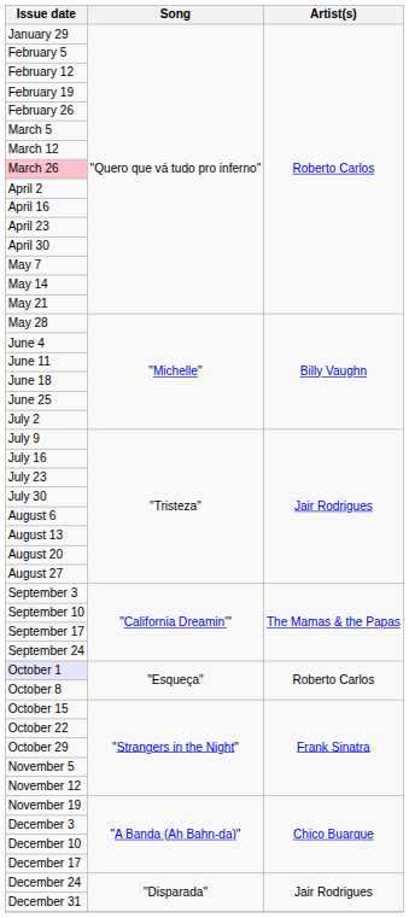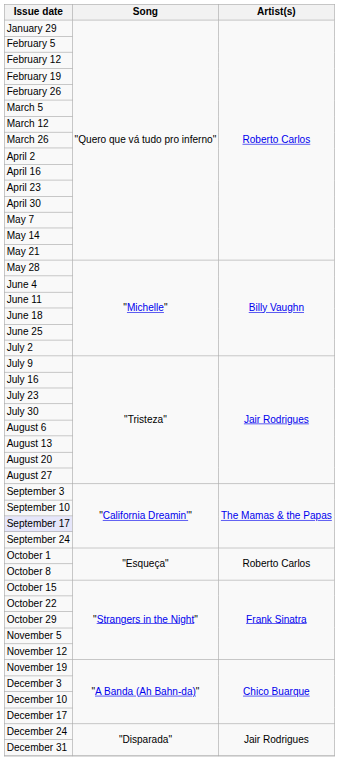 <table class="wikitable">
 <tr>
 <th>Issue date</th>
 <th>Song</th>
 <th>Artist(s)</th>
 </tr>
 <tr>
 <td>January 29</td>
 <td align="center" rowspan="15">"Quero que vá tudo pro inferno"</td>
 <td align="center" rowspan="15"><a href='#'>Roberto Carlos</a></td>
 </tr>
 <tr>
 <td>February 5</td>
 </tr>
 <tr>
 <td>February 12</td>
 </tr>
 <tr>
 <td>February 19</td>
 </tr>
 <tr>
 <td>February 26</td>
 </tr>
 <tr>
 <td>March 5</td>
 </tr>
 <tr>
 <td>March 12</td>
 </tr>
 <tr>
-<td style="background: pink;">March 26</td>
+<td>March 26</td>
 </tr>
 <tr>
 <td>April 2</td>
 </tr>
 <tr>
 <td>April 16</td>
 </tr>
 <tr>
 <td>April 23</td>
 </tr>
 <tr>
 <td>April 30</td>
 </tr>
 <tr>
 <td>May 7</td>
 </tr>
 <tr>
 <td>May 14</td>
 </tr>
 <tr>
 <td>May 21</td>
 </tr>
 <tr>
 <td>May 28</td>
 <td align="center" rowspan="6">"<a href='#'>Michelle</a>"</td>
 <td align="center" rowspan="6"><a href='#'>Billy Vaughn</a></td>
 </tr>
 <tr>
 <td>June 4</td>
 </tr>
 <tr>
 <td>June 11</td>
 </tr>
 <tr>
 <td>June 18</td>
 </tr>
 <tr>
 <td>June 25</td>
 </tr>
 <tr>
 <td>July 2</td>
 </tr>
 <tr>
 <td>July 9</td>
 <td align="center" rowspan="8">"Tristeza"</td>
 <td align="center" rowspan="8"><a href='#'>Jair Rodrigues</a></td>
 </tr>
 <tr>
 <td>July 16</td>
 </tr>
 <tr>
 <td>July 23</td>
 </tr>
 <tr>
 <td>July 30</td>
 </tr>
 <tr>
 <td>August 6</td>
 </tr>
 <tr>
 <td>August 13</td>
 </tr>
 <tr>
 <td>August 20</td>
 </tr>
 <tr>
 <td>August 27</td>
 </tr>
 <tr>
 <td>September 3</td>
 <td align="center" rowspan="4">"<a href='#'>California Dreamin'</a>"</td>
 <td align="center" rowspan="4"><a href='#'>The Mamas & the Papas</a></td>
 </tr>
 <tr>
 <td>September 10</td>
 </tr>
 <tr>
-<td>September 17</td>
+<td style="background: lavender;">September 17</td>
 </tr>
 <tr>
 <td>September 24</td>
 </tr>
 <tr>
-<td style="background: lavender;">October 1</td>
+<td>October 1</td>
 <td align="center" rowspan="2">"Esqueça"</td>
 <td align="center" rowspan="2">Roberto Carlos</td>
 </tr>
 <tr>
 <td>October 8</td>
 </tr>
 <tr>
 <td>October 15</td>
 <td align="center" rowspan="5">"<a href='#'>Strangers in the Night</a>"</td>
 <td align="center" rowspan="5"><a href='#'>Frank Sinatra</a></td>
 </tr>
 <tr>
 <td>October 22</td>
 </tr>
 <tr>
 <td>October 29</td>
 </tr>
 <tr>
 <td>November 5</td>
 </tr>
 <tr>
 <td>November 12</td>
 </tr>
 <tr>
 <td>November 19</td>
 <td align="center" rowspan="4">"<a href='#'>A Banda (Ah Bahn-da)</a>"</td>
 <td align="center" rowspan="4"><a href='#'>Chico Buarque</a></td>
 </tr>
 <tr>
 <td>December 3</td>
 </tr>
 <tr>
 <td>December 10</td>
 </tr>
 <tr>
 <td>December 17</td>
 </tr>
 <tr>
 <td>December 24</td>
 <td align="center" rowspan="2">"Disparada"</td>
 <td align="center" rowspan="2">Jair Rodrigues</td>
 </tr>
 <tr>
 <td>December 31</td>
 </tr>
 <tr>
 </tr>
 </table>
